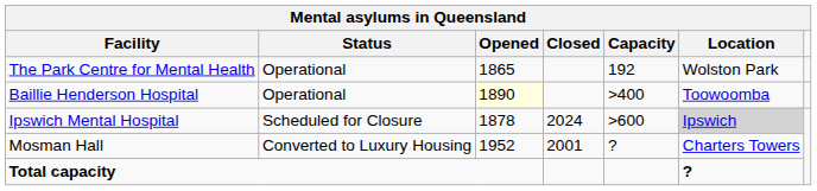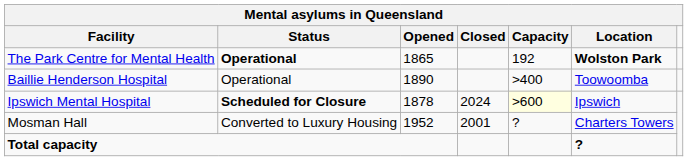 <table class="wikitable sortable">
 <tr>
 <th colspan="7" bgcolor="#efefef">Mental asylums in Queensland</th>
 </tr>
 <tr bgcolor="#efefef">
 <th>Facility</th>
 <th>Status</th>
 <th>Opened</th>
 <th>Closed</th>
 <th>Capacity</th>
 <th>Location</th>
 </tr>
 <tr>
 <td><a href='#'>The Park Centre for Mental Health</a></td>
-<td>Operational</td>
+<td><strong>Operational</strong></td>
 <td>1865</td>
 <td></td>
 <td>192</td>
-<td>Wolston Park</td>
+<td><strong>Wolston Park</strong></td>
 <td></td>
 </tr>
 <tr>
 <td><a href='#'>Baillie Henderson Hospital</a></td>
 <td>Operational</td>
-<td style="background: lightyellow;">1890</td>
+<td>1890</td>
 <td></td>
 <td>>400</td>
 <td><a href='#'>Toowoomba</a></td>
 <td></td>
 </tr>
 <tr>
 <td><a href='#'>Ipswich Mental Hospital</a></td>
-<td>Scheduled for Closure</td>
+<td><strong>Scheduled for Closure</strong></td>
 <td>1878</td>
 <td>2024</td>
-<td>>600</td>
-<td style="background: lightgrey;"><a href='#'>Ipswich</a></td>
+<td style="background: lightyellow;">>600</td>
+<td><a href='#'>Ipswich</a></td>
 </tr>
 <tr>
 <td>Mosman Hall</td>
 <td>Converted to Luxury Housing</td>
 <td>1952</td>
 <td>2001</td>
 <td>?</td>
 <td><a href='#'>Charters Towers</a></td>
 </tr>
 <tr>
 <td colspan="3"><strong>Total capacity</strong></td>
 <td></td>
 <td></td>
 <td><strong>?</strong></td>
 </tr>
 </table>
